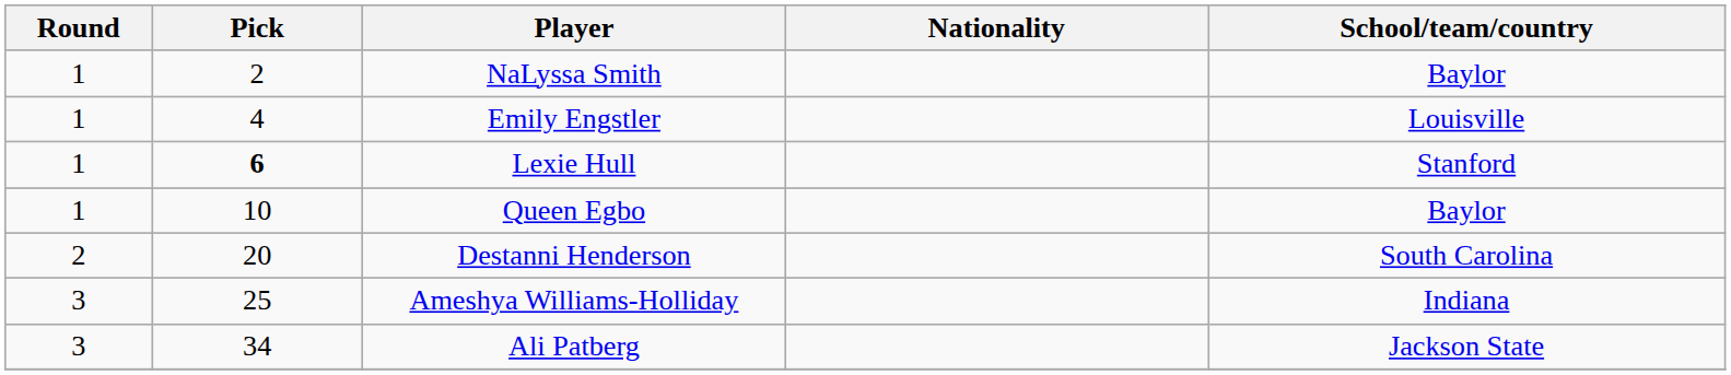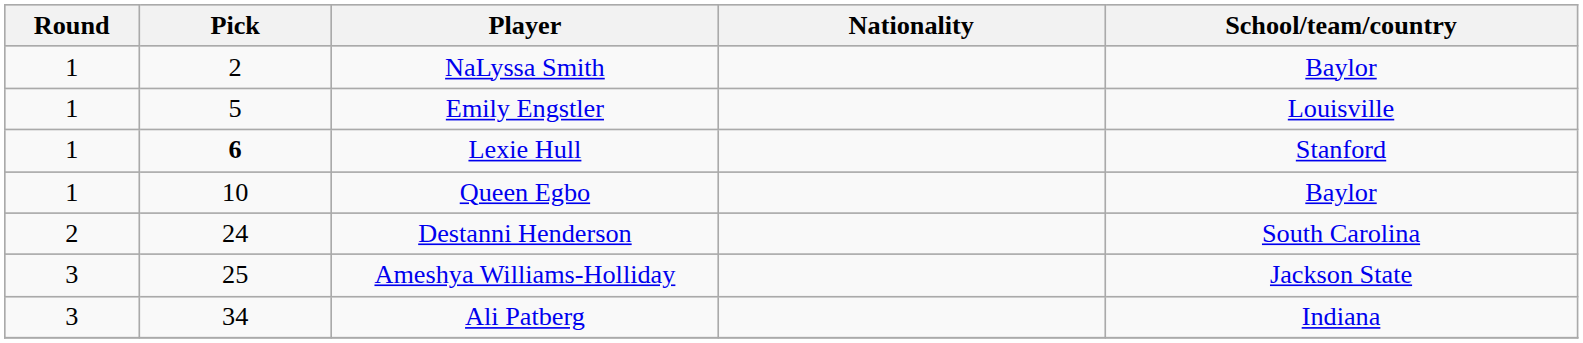 <table class="wikitable" style="text-align:center; width:60em">
 <tr>
 <th width="2%">Round</th>
 <th width="5%">Pick</th>
 <th width="10%">Player</th>
 <th width="10%">Nationality</th>
 <th width="10%">School/team/country</th>
 </tr>
 <tr>
 <td>1</td>
 <td>2</td>
 <td><a href='#'>NaLyssa Smith</a></td>
 <td></td>
 <td><a href='#'>Baylor</a></td>
 </tr>
 <tr>
 <td>1</td>
-<td>4</td>
+<td>5</td>
 <td><a href='#'>Emily Engstler</a></td>
 <td></td>
 <td><a href='#'>Louisville</a></td>
 </tr>
 <tr>
 <td>1</td>
 <td><strong>6</strong></td>
 <td><a href='#'>Lexie Hull</a></td>
 <td></td>
 <td><a href='#'>Stanford</a></td>
 </tr>
 <tr>
 <td>1</td>
 <td>10</td>
 <td><a href='#'>Queen Egbo</a></td>
 <td></td>
 <td><a href='#'>Baylor</a></td>
 </tr>
 <tr>
 <td>2</td>
-<td>20</td>
+<td>24</td>
 <td><a href='#'>Destanni Henderson</a></td>
 <td></td>
 <td><a href='#'>South Carolina</a></td>
 </tr>
 <tr>
 <td>3</td>
 <td>25</td>
 <td><a href='#'>Ameshya Williams-Holliday</a></td>
 <td></td>
-<td><a href='#'>Indiana</a></td>
+<td><a href='#'>Jackson State</a></td>
 </tr>
 <tr>
 <td>3</td>
 <td>34</td>
 <td><a href='#'>Ali Patberg</a></td>
 <td></td>
-<td><a href='#'>Jackson State</a></td>
+<td><a href='#'>Indiana</a></td>
 </tr>
 <tr>
 </tr>
 </table>
